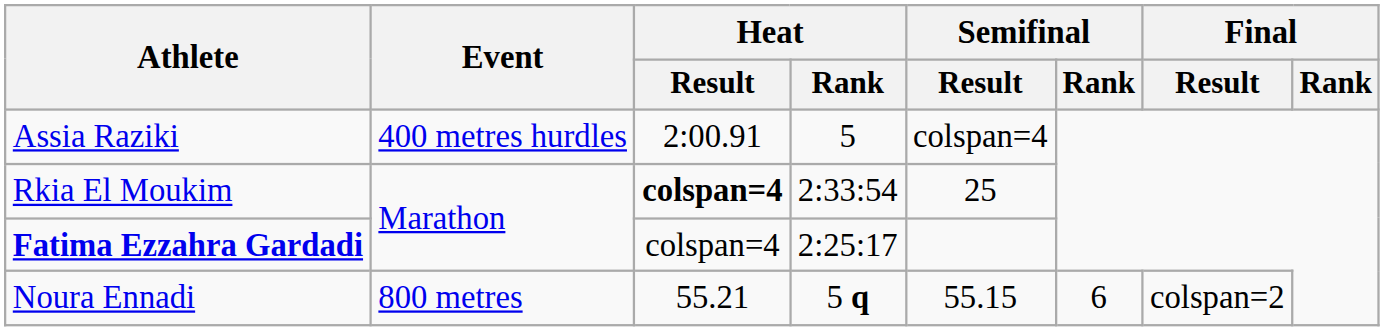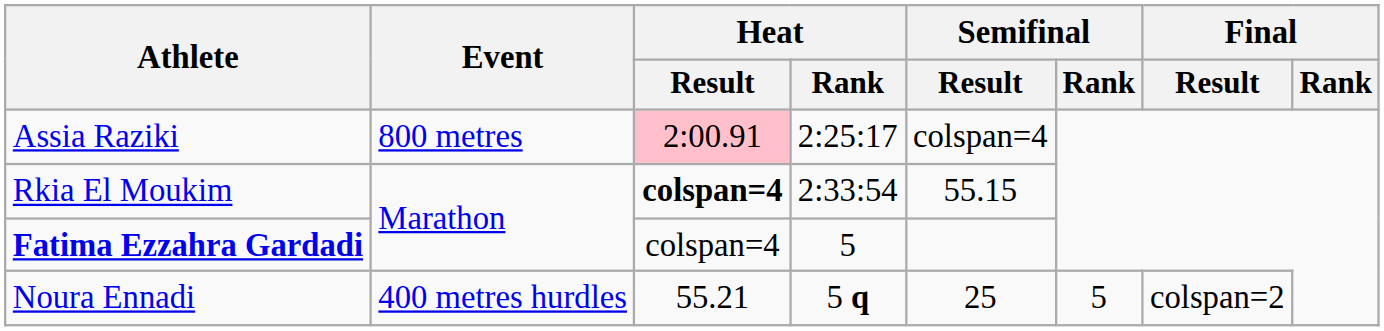 <table class="wikitable" style="font-size:90%">
 <tr>
 <th rowspan="2">Athlete</th>
 <th rowspan="2">Event</th>
 <th colspan="2">Heat</th>
 <th colspan="2">Semifinal</th>
 <th colspan="2">Final</th>
 </tr>
 <tr style="font-size:95%">
 <th>Result</th>
 <th>Rank</th>
 <th>Result</th>
 <th>Rank</th>
 <th>Result</th>
 <th>Rank</th>
 </tr>
 <tr align=center>
 <td align=left><a href='#'>Assia Raziki</a></td>
-<td align=left><a href='#'>400 metres hurdles</a></td>
-<td>2:00.91 </td>
-<td>5</td>
+<td align=left><a href='#'>800 metres</a></td>
+<td style="background: pink;">2:00.91 </td>
+<td>2:25:17</td>
 <td>colspan=4 </td>
 </tr>
 <tr align=center>
 <td align=left><a href='#'>Rkia El Moukim</a></td>
 <td align=left rowspan=2><a href='#'>Marathon</a></td>
 <td><strong>colspan=4</strong></td>
 <td>2:33:54</td>
-<td>25</td>
+<td>55.15</td>
 </tr>
 <tr align=center>
 <td align=left><strong><a href='#'>Fatima Ezzahra Gardadi</a></strong></td>
 <td>colspan=4</td>
-<td>2:25:17</td>
+<td>5</td>
 <td></td>
 </tr>
 <tr align=center>
 <td align=left><a href='#'>Noura Ennadi</a></td>
-<td align=left><a href='#'>800 metres</a></td>
+<td align=left><a href='#'>400 metres hurdles</a></td>
 <td>55.21</td>
 <td>5 <strong>q</strong></td>
-<td>55.15</td>
-<td>6</td>
+<td>25</td>
+<td>5</td>
 <td>colspan=2 </td>
 </tr>
 </table>
